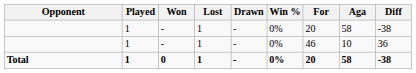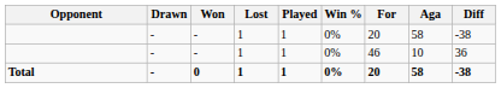 <table class="wikitable sortable" style="font-size:100%">
 <tr>
 <th style="width:180px;">Opponent</th>
-<th style="width:50px;">Played</th>
+<th style="width:50px;">Drawn</th>
 <th style="width:50px;">Won</th>
 <th style="width:50px;">Lost</th>
-<th style="width:50px;">Drawn</th>
+<th style="width:50px;">Played</th>
 <th style="width:50px;">Win %</th>
 <th style="width:50px;">For</th>
 <th style="width:50px;">Aga</th>
 <th style="width:50px;">Diff</th>
 </tr>
 <tr>
 <td style="text-align:left;"></td>
-<td>1</td>
+<td>-</td>
 <td>-</td>
 <td>1</td>
-<td>-</td>
+<td>1</td>
 <td>0%</td>
 <td>20</td>
 <td>58</td>
 <td>-38</td>
 </tr>
 <tr>
 <td style="text-align:left;"></td>
-<td>1</td>
+<td>-</td>
 <td>-</td>
 <td>1</td>
-<td>-</td>
+<td>1</td>
 <td>0%</td>
 <td>46</td>
 <td>10</td>
 <td>36</td>
 </tr>
 <tr>
 <td style="text-align:left;"><strong>Total</strong></td>
-<td><strong>1</strong></td>
+<td><strong>-</strong></td>
 <td><strong>0</strong></td>
 <td><strong>1</strong></td>
-<td><strong>-</strong></td>
+<td><strong>1</strong></td>
 <td><strong>0%</strong></td>
 <td><strong>20</strong></td>
 <td><strong>58</strong></td>
 <td><strong>-38</strong></td>
 </tr>
 </table>
